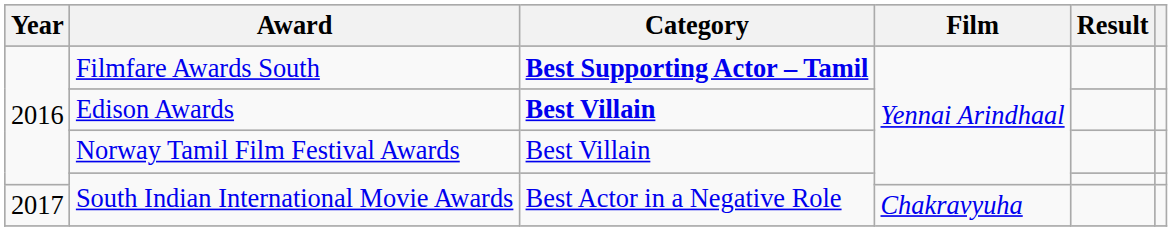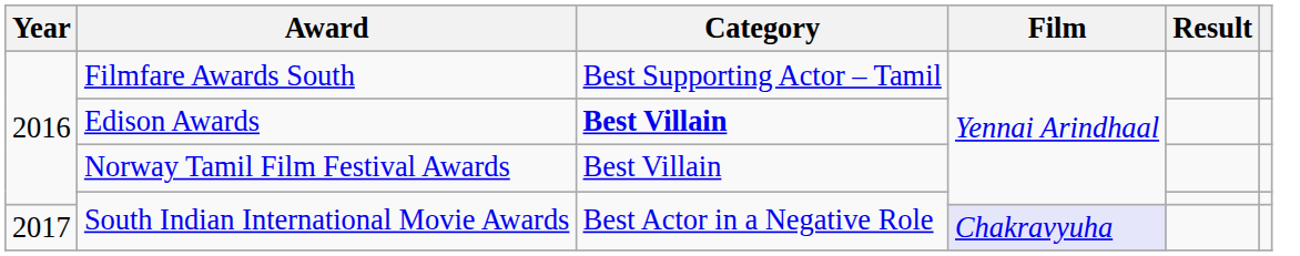 <table class="wikitable sortable">
 <tr>
 <th>Year</th>
 <th>Award</th>
 <th>Category</th>
 <th>Film</th>
 <th>Result</th>
 <th></th>
 </tr>
 <tr>
 <td rowspan="4">2016</td>
 <td><a href='#'>Filmfare Awards South</a></td>
-<td><strong><a href='#'>Best Supporting Actor – Tamil</a></strong></td>
+<td><a href='#'>Best Supporting Actor – Tamil</a></td>
 <td rowspan="4"><em><a href='#'>Yennai Arindhaal</a></em></td>
 <td></td>
 <td></td>
 </tr>
 <tr>
 <td><a href='#'>Edison Awards</a></td>
 <td><strong><a href='#'>Best Villain</a></strong></td>
 <td></td>
 <td></td>
 </tr>
 <tr>
 <td><a href='#'>Norway Tamil Film Festival Awards</a></td>
 <td><a href='#'>Best Villain</a></td>
 <td></td>
 <td></td>
 </tr>
 <tr>
 <td rowspan="2"><a href='#'>South Indian International Movie Awards</a></td>
 <td rowspan="2"><a href='#'>Best Actor in a Negative Role</a></td>
 <td></td>
 <td></td>
 </tr>
 <tr>
 <td>2017</td>
-<td><em><a href='#'>Chakravyuha</a></em></td>
+<td style="background: lavender;"><em><a href='#'>Chakravyuha</a></em></td>
 <td></td>
 <td></td>
 </tr>
 </table>
